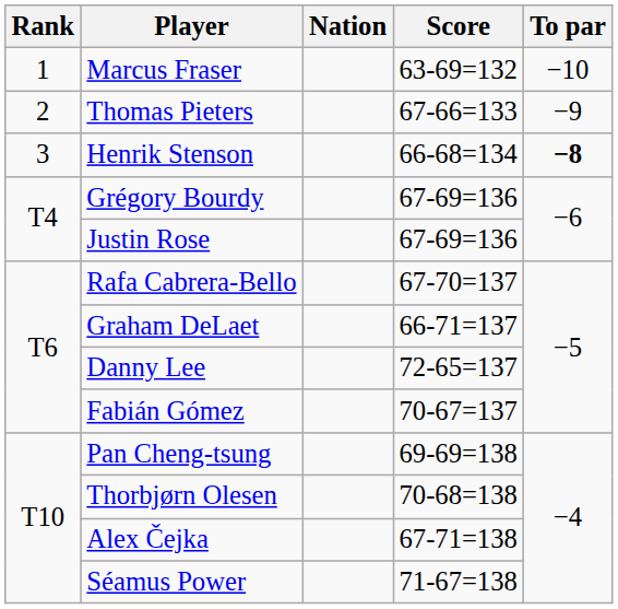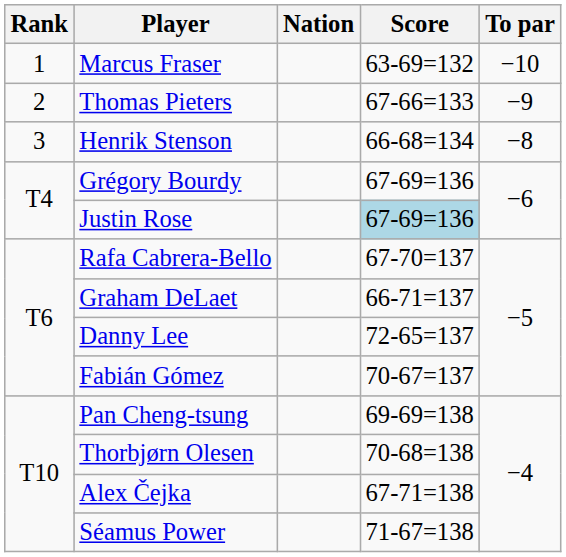 <table class="wikitable">
 <tr>
 <th>Rank</th>
 <th>Player</th>
 <th>Nation</th>
 <th>Score</th>
 <th>To par</th>
 </tr>
 <tr>
 <td align=center>1</td>
 <td><a href='#'>Marcus Fraser</a></td>
 <td></td>
 <td align=center>63-69=132</td>
 <td align=center>−10</td>
 </tr>
 <tr>
 <td align=center>2</td>
 <td><a href='#'>Thomas Pieters</a></td>
 <td></td>
 <td align=center>67-66=133</td>
 <td align=center>−9</td>
 </tr>
 <tr>
 <td align=center>3</td>
 <td><a href='#'>Henrik Stenson</a></td>
 <td></td>
 <td align=center>66-68=134</td>
-<td align=center><strong>−8</strong></td>
+<td align=center>−8</td>
 </tr>
 <tr>
 <td rowspan=2 align=center>T4</td>
 <td><a href='#'>Grégory Bourdy</a></td>
 <td></td>
 <td align=center>67-69=136</td>
 <td rowspan=2 align=center>−6</td>
 </tr>
 <tr>
 <td><a href='#'>Justin Rose</a></td>
 <td></td>
-<td align=center>67-69=136</td>
+<td align=center style="background: lightblue;">67-69=136</td>
 </tr>
 <tr>
 <td rowspan=4 align=center>T6</td>
 <td><a href='#'>Rafa Cabrera-Bello</a></td>
 <td></td>
 <td align=center>67-70=137</td>
 <td rowspan=4 align=center>−5</td>
 </tr>
 <tr>
 <td><a href='#'>Graham DeLaet</a></td>
 <td></td>
 <td align=center>66-71=137</td>
 </tr>
 <tr>
 <td><a href='#'>Danny Lee</a></td>
 <td></td>
 <td align=center>72-65=137</td>
 </tr>
 <tr>
 <td><a href='#'>Fabián Gómez</a></td>
 <td></td>
 <td align=center>70-67=137</td>
 </tr>
 <tr>
 <td rowspan=4 align=center>T10</td>
 <td><a href='#'>Pan Cheng-tsung</a></td>
 <td></td>
 <td align=center>69-69=138</td>
 <td rowspan=4 align=center>−4</td>
 </tr>
 <tr>
 <td><a href='#'>Thorbjørn Olesen</a></td>
 <td></td>
 <td align=center>70-68=138</td>
 </tr>
 <tr>
 <td><a href='#'>Alex Čejka</a></td>
 <td></td>
 <td align=center>67-71=138</td>
 </tr>
 <tr>
 <td><a href='#'>Séamus Power</a></td>
 <td></td>
 <td align=center>71-67=138</td>
 </tr>
 </table>
